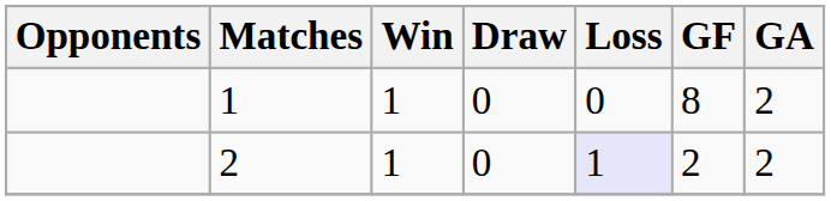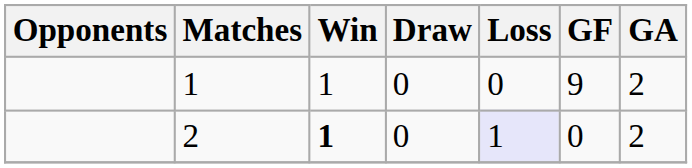 <table class="wikitable sortable">
 <tr>
 <th>Opponents</th>
 <th>Matches</th>
 <th>Win</th>
 <th>Draw</th>
 <th>Loss</th>
 <th>GF</th>
 <th>GA</th>
 </tr>
 <tr>
 <td></td>
 <td>1</td>
 <td>1</td>
 <td>0</td>
 <td>0</td>
-<td>8</td>
+<td>9</td>
 <td>2</td>
 </tr>
 <tr>
 <td></td>
 <td>2</td>
-<td>1</td>
+<td><strong>1</strong></td>
 <td>0</td>
 <td style="background: lavender;">1</td>
-<td>2</td>
+<td>0</td>
 <td>2</td>
 </tr>
 <tr>
 </tr>
 </table>
